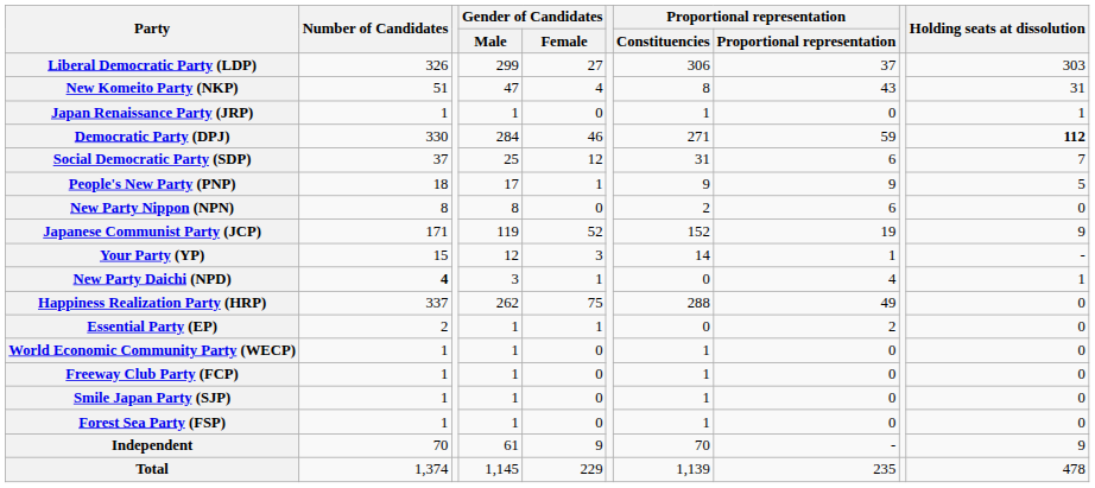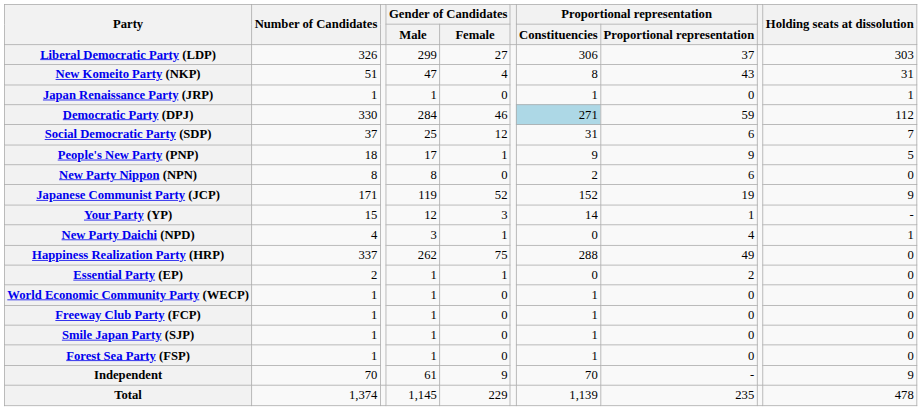 <table class="wikitable" style="text-align: right;">
 <tr>
 <th rowspan=2>Party</th>
 <th rowspan=2>Number of Candidates</th>
 <th rowspan=2></th>
 <th colspan=2>Gender of Candidates</th>
 <th rowspan=2></th>
 <th colspan=2>Proportional representation</th>
 <th rowspan=2></th>
 <th rowspan=2>Holding seats at dissolution</th>
 </tr>
 <tr>
 <th>Male</th>
 <th>Female</th>
 <th>Constituencies</th>
 <th>Proportional representation</th>
 </tr>
 <tr>
 <th text-align: center;><a href='#'>Liberal Democratic Party</a> (LDP)</th>
 <td>326</td>
 <td rowspan=17></td>
 <td>299</td>
 <td>27</td>
 <td rowspan=17></td>
 <td>306</td>
 <td>37</td>
 <td rowspan=17></td>
 <td>303</td>
 </tr>
 <tr>
 <th><a href='#'>New Komeito Party</a> (NKP)</th>
 <td>51</td>
 <td>47</td>
 <td>4</td>
 <td>8</td>
 <td>43</td>
 <td>31</td>
 </tr>
 <tr>
 <th><a href='#'>Japan Renaissance Party</a> (JRP)</th>
 <td>1</td>
 <td>1</td>
 <td>0</td>
 <td>1</td>
 <td>0</td>
 <td>1</td>
 </tr>
 <tr>
 <th><a href='#'>Democratic Party</a> (DPJ)</th>
 <td>330</td>
 <td>284</td>
 <td>46</td>
-<td>271</td>
+<td style="background: lightblue;">271</td>
 <td>59</td>
-<td><strong>112</strong></td>
+<td>112</td>
 </tr>
 <tr>
 <th><a href='#'>Social Democratic Party</a> (SDP)</th>
 <td>37</td>
 <td>25</td>
 <td>12</td>
 <td>31</td>
 <td>6</td>
 <td>7</td>
 </tr>
 <tr>
 <th><a href='#'>People's New Party</a> (PNP)</th>
 <td>18</td>
 <td>17</td>
 <td>1</td>
 <td>9</td>
 <td>9</td>
 <td>5</td>
 </tr>
 <tr>
 <th><a href='#'>New Party Nippon</a> (NPN)</th>
 <td>8</td>
 <td>8</td>
 <td>0</td>
 <td>2</td>
 <td>6</td>
 <td>0</td>
 </tr>
 <tr>
 <th><a href='#'>Japanese Communist Party</a> (JCP)</th>
 <td>171</td>
 <td>119</td>
 <td>52</td>
 <td>152</td>
 <td>19</td>
 <td>9</td>
 </tr>
 <tr>
 <th><a href='#'>Your Party</a> (YP)</th>
 <td>15</td>
 <td>12</td>
 <td>3</td>
 <td>14</td>
 <td>1</td>
 <td>-</td>
 </tr>
 <tr>
 <th><a href='#'>New Party Daichi</a> (NPD)</th>
-<td><strong>4</strong></td>
+<td>4</td>
 <td>3</td>
 <td>1</td>
 <td>0</td>
 <td>4</td>
 <td>1</td>
 </tr>
 <tr>
 <th><a href='#'>Happiness Realization Party</a> (HRP)</th>
 <td>337</td>
 <td>262</td>
 <td>75</td>
 <td>288</td>
 <td>49</td>
 <td>0</td>
 </tr>
 <tr>
 <th><a href='#'>Essential Party</a> (EP)</th>
 <td>2</td>
 <td>1</td>
 <td>1</td>
 <td>0</td>
 <td>2</td>
 <td>0</td>
 </tr>
 <tr>
 <th><a href='#'>World Economic Community Party</a> (WECP)</th>
 <td>1</td>
 <td>1</td>
 <td>0</td>
 <td>1</td>
 <td>0</td>
 <td>0</td>
 </tr>
 <tr>
 <th><a href='#'>Freeway Club Party</a> (FCP)</th>
 <td>1</td>
 <td>1</td>
 <td>0</td>
 <td>1</td>
 <td>0</td>
 <td>0</td>
 </tr>
 <tr>
 <th><a href='#'>Smile Japan Party</a> (SJP)</th>
 <td>1</td>
 <td>1</td>
 <td>0</td>
 <td>1</td>
 <td>0</td>
 <td>0</td>
 </tr>
 <tr>
 <th><a href='#'>Forest Sea Party</a> (FSP)</th>
 <td>1</td>
 <td>1</td>
 <td>0</td>
 <td>1</td>
 <td>0</td>
 <td>0</td>
 </tr>
 <tr>
 <th>Independent</th>
 <td>70</td>
 <td>61</td>
 <td>9</td>
 <td>70</td>
 <td>-</td>
 <td>9</td>
 </tr>
 <tr>
 <th>Total</th>
 <td>1,374</td>
 <td></td>
 <td>1,145</td>
 <td>229</td>
 <td></td>
 <td>1,139</td>
 <td>235</td>
 <td></td>
 <td>478</td>
 </tr>
 </table>
